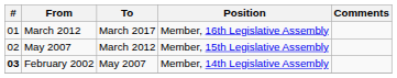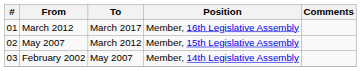 <table class="wikitable sortable">
 <tr>
 <th>#</th>
 <th>From</th>
 <th>To</th>
 <th>Position</th>
 <th>Comments</th>
 </tr>
 <tr>
 <td>01</td>
 <td>March  2012</td>
 <td>March 2017</td>
 <td>Member, <a href='#'>16th Legislative Assembly</a></td>
 <td></td>
 </tr>
 <tr>
 <td>02</td>
 <td>May 2007</td>
 <td>March 2012</td>
 <td>Member, <a href='#'>15th Legislative Assembly</a></td>
 <td></td>
 </tr>
 <tr>
-<td><strong>03</strong></td>
+<td>03</td>
 <td>February 2002</td>
 <td>May 2007</td>
 <td>Member, <a href='#'>14th Legislative Assembly</a></td>
 <td></td>
 </tr>
 <tr>
 </tr>
 </table>
